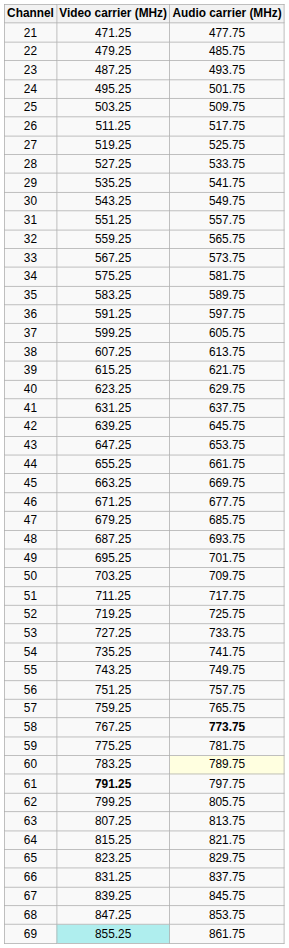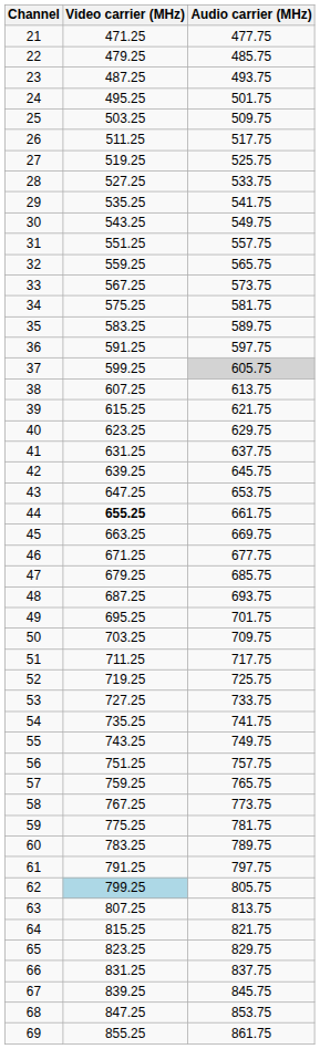 <table class="wikitable" style="text-align: center; border-collapse:collapse">
 <tr>
 <th>Channel</th>
 <th>Video carrier (MHz)</th>
 <th>Audio carrier (MHz)</th>
 </tr>
 <tr>
 <td>21</td>
 <td>471.25</td>
 <td>477.75</td>
 </tr>
 <tr>
 <td>22</td>
 <td>479.25</td>
 <td>485.75</td>
 </tr>
 <tr>
 <td>23</td>
 <td>487.25</td>
 <td>493.75</td>
 </tr>
 <tr>
 <td>24</td>
 <td>495.25</td>
 <td>501.75</td>
 </tr>
 <tr>
 <td>25</td>
 <td>503.25</td>
 <td>509.75</td>
 </tr>
 <tr>
 <td>26</td>
 <td>511.25</td>
 <td>517.75</td>
 </tr>
 <tr>
 <td>27</td>
 <td>519.25</td>
 <td>525.75</td>
 </tr>
 <tr>
 <td>28</td>
 <td>527.25</td>
 <td>533.75</td>
 </tr>
 <tr>
 <td>29</td>
 <td>535.25</td>
 <td>541.75</td>
 </tr>
 <tr>
 <td>30</td>
 <td>543.25</td>
 <td>549.75</td>
 </tr>
 <tr>
 <td>31</td>
 <td>551.25</td>
 <td>557.75</td>
 </tr>
 <tr>
 <td>32</td>
 <td>559.25</td>
 <td>565.75</td>
 </tr>
 <tr>
 <td>33</td>
 <td>567.25</td>
 <td>573.75</td>
 </tr>
 <tr>
 <td>34</td>
 <td>575.25</td>
 <td>581.75</td>
 </tr>
 <tr>
 <td>35</td>
 <td>583.25</td>
 <td>589.75</td>
 </tr>
 <tr>
 <td>36</td>
 <td>591.25</td>
 <td>597.75</td>
 </tr>
 <tr>
 <td>37</td>
 <td>599.25</td>
-<td>605.75</td>
+<td style="background: lightgrey;">605.75</td>
 </tr>
 <tr>
 <td>38</td>
 <td>607.25</td>
 <td>613.75</td>
 </tr>
 <tr>
 <td>39</td>
 <td>615.25</td>
 <td>621.75</td>
 </tr>
 <tr>
 <td>40</td>
 <td>623.25</td>
 <td>629.75</td>
 </tr>
 <tr>
 <td>41</td>
 <td>631.25</td>
 <td>637.75</td>
 </tr>
 <tr>
 <td>42</td>
 <td>639.25</td>
 <td>645.75</td>
 </tr>
 <tr>
 <td>43</td>
 <td>647.25</td>
 <td>653.75</td>
 </tr>
 <tr>
 <td>44</td>
-<td>655.25</td>
+<td><strong>655.25</strong></td>
 <td>661.75</td>
 </tr>
 <tr>
 <td>45</td>
 <td>663.25</td>
 <td>669.75</td>
 </tr>
 <tr>
 <td>46</td>
 <td>671.25</td>
 <td>677.75</td>
 </tr>
 <tr>
 <td>47</td>
 <td>679.25</td>
 <td>685.75</td>
 </tr>
 <tr>
 <td>48</td>
 <td>687.25</td>
 <td>693.75</td>
 </tr>
 <tr>
 <td>49</td>
 <td>695.25</td>
 <td>701.75</td>
 </tr>
 <tr>
 <td>50</td>
 <td>703.25</td>
 <td>709.75</td>
 </tr>
 <tr>
 <td>51</td>
 <td>711.25</td>
 <td>717.75</td>
 </tr>
 <tr>
 <td>52</td>
 <td>719.25</td>
 <td>725.75</td>
 </tr>
 <tr>
 <td>53</td>
 <td>727.25</td>
 <td>733.75</td>
 </tr>
 <tr>
 <td>54</td>
 <td>735.25</td>
 <td>741.75</td>
 </tr>
 <tr>
 <td>55</td>
 <td>743.25</td>
 <td>749.75</td>
 </tr>
 <tr>
 <td>56</td>
 <td>751.25</td>
 <td>757.75</td>
 </tr>
 <tr>
 <td>57</td>
 <td>759.25</td>
 <td>765.75</td>
 </tr>
 <tr>
 <td>58</td>
 <td>767.25</td>
-<td><strong>773.75</strong></td>
+<td>773.75</td>
 </tr>
 <tr>
 <td>59</td>
 <td>775.25</td>
 <td>781.75</td>
 </tr>
 <tr>
 <td>60</td>
 <td>783.25</td>
-<td style="background: lightyellow;">789.75</td>
+<td>789.75</td>
 </tr>
 <tr>
 <td>61</td>
-<td><strong>791.25</strong></td>
+<td>791.25</td>
 <td>797.75</td>
 </tr>
 <tr>
 <td>62</td>
-<td>799.25</td>
+<td style="background: lightblue;">799.25</td>
 <td>805.75</td>
 </tr>
 <tr>
 <td>63</td>
 <td>807.25</td>
 <td>813.75</td>
 </tr>
 <tr>
 <td>64</td>
 <td>815.25</td>
 <td>821.75</td>
 </tr>
 <tr>
 <td>65</td>
 <td>823.25</td>
 <td>829.75</td>
 </tr>
 <tr>
 <td>66</td>
 <td>831.25</td>
 <td>837.75</td>
 </tr>
 <tr>
 <td>67</td>
 <td>839.25</td>
 <td>845.75</td>
 </tr>
 <tr>
 <td>68</td>
 <td>847.25</td>
 <td>853.75</td>
 </tr>
 <tr>
 <td>69</td>
-<td style="background: paleturquoise;">855.25</td>
+<td>855.25</td>
 <td>861.75</td>
 </tr>
 </table>
